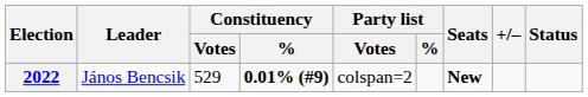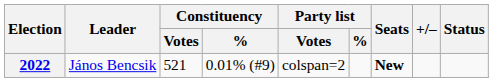 <table class="wikitable">
 <tr>
 <th rowspan=2>Election</th>
 <th rowspan=2>Leader</th>
 <th colspan=2>Constituency</th>
 <th colspan=2>Party list</th>
 <th rowspan=2>Seats</th>
 <th rowspan=2>+/–</th>
 <th rowspan=2>Status</th>
 </tr>
 <tr>
 <th>Votes</th>
 <th>%</th>
 <th>Votes</th>
 <th>%</th>
 </tr>
 <tr>
 <th><a href='#'>2022</a></th>
 <td><a href='#'>János Bencsik</a></td>
-<td>529</td>
-<td><strong>0.01% (#9)</strong></td>
+<td>521</td>
+<td>0.01% (#9)</td>
 <td>colspan=2 </td>
 <td></td>
 <td><strong>New</strong></td>
 <td></td>
 </tr>
 </table>
